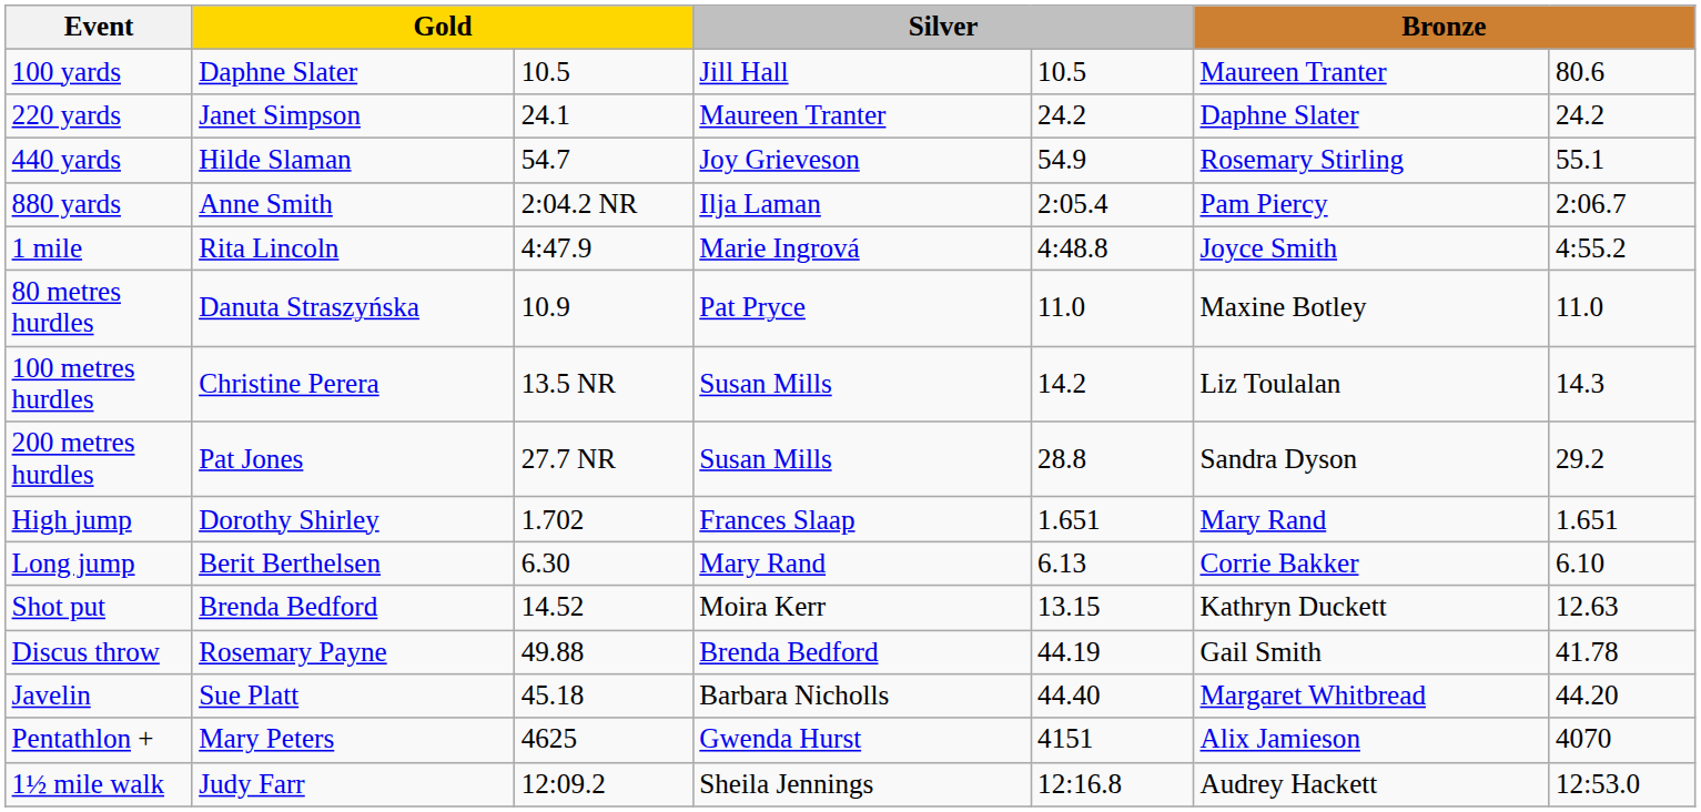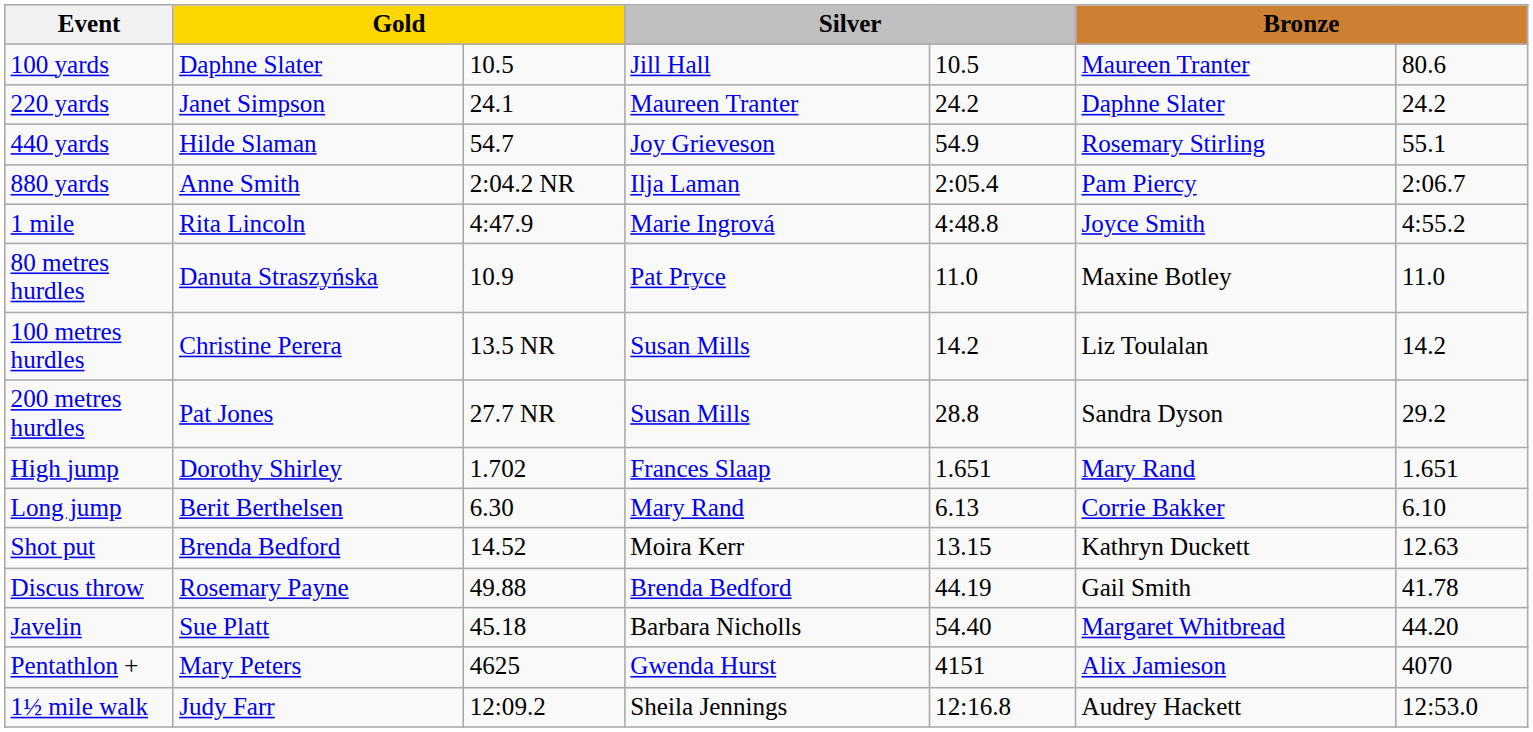 <table class="wikitable" style="text-align:left">
 <tr>
 <th width=100>Event</th>
 <th colspan="2" width="280" style="background:gold;">Gold</th>
 <th colspan="2" width="280" style="background:silver;">Silver</th>
 <th colspan="2" width="280" style="background:#CD7F32;">Bronze</th>
 </tr>
 <tr>
 <td><a href='#'>100 yards</a></td>
 <td><a href='#'>Daphne Slater</a></td>
 <td>10.5</td>
 <td><a href='#'>Jill Hall</a></td>
 <td>10.5</td>
 <td><a href='#'>Maureen Tranter</a></td>
 <td>80.6</td>
 </tr>
 <tr>
 <td><a href='#'>220 yards</a></td>
 <td><a href='#'>Janet Simpson</a></td>
 <td>24.1</td>
 <td><a href='#'>Maureen Tranter</a></td>
 <td>24.2</td>
 <td><a href='#'>Daphne Slater</a></td>
 <td>24.2</td>
 </tr>
 <tr>
 <td><a href='#'>440 yards</a></td>
 <td> <a href='#'>Hilde Slaman</a></td>
 <td>54.7</td>
 <td><a href='#'>Joy Grieveson</a></td>
 <td>54.9</td>
 <td> <a href='#'>Rosemary Stirling</a></td>
 <td>55.1</td>
 </tr>
 <tr>
 <td><a href='#'>880 yards</a></td>
 <td><a href='#'>Anne Smith</a></td>
 <td>2:04.2 NR</td>
 <td> <a href='#'>Ilja Laman</a></td>
 <td>2:05.4</td>
 <td><a href='#'>Pam Piercy</a></td>
 <td>2:06.7</td>
 </tr>
 <tr>
 <td><a href='#'>1 mile</a></td>
 <td><a href='#'>Rita Lincoln</a></td>
 <td>4:47.9</td>
 <td> <a href='#'>Marie Ingrová</a></td>
 <td>4:48.8</td>
 <td><a href='#'>Joyce Smith</a></td>
 <td>4:55.2</td>
 </tr>
 <tr>
 <td><a href='#'>80 metres hurdles</a></td>
 <td> <a href='#'>Danuta Straszyńska</a></td>
 <td>10.9</td>
 <td><a href='#'>Pat Pryce</a></td>
 <td>11.0</td>
 <td>Maxine Botley</td>
 <td>11.0</td>
 </tr>
 <tr>
 <td><a href='#'>100 metres hurdles</a></td>
 <td><a href='#'>Christine Perera</a></td>
 <td>13.5 NR</td>
 <td><a href='#'>Susan Mills</a></td>
 <td>14.2</td>
 <td>Liz Toulalan</td>
-<td>14.3</td>
+<td>14.2</td>
 </tr>
 <tr>
 <td><a href='#'>200 metres hurdles</a></td>
 <td><a href='#'>Pat Jones</a></td>
 <td>27.7 NR</td>
 <td><a href='#'>Susan Mills</a></td>
 <td>28.8</td>
 <td>Sandra Dyson</td>
 <td>29.2</td>
 </tr>
 <tr>
 <td><a href='#'>High jump</a></td>
 <td><a href='#'>Dorothy Shirley</a></td>
 <td>1.702</td>
 <td><a href='#'>Frances Slaap</a></td>
 <td>1.651</td>
 <td><a href='#'>Mary Rand</a></td>
 <td>1.651</td>
 </tr>
 <tr>
 <td><a href='#'>Long jump</a></td>
 <td> <a href='#'>Berit Berthelsen</a></td>
 <td>6.30</td>
 <td><a href='#'>Mary Rand</a></td>
 <td>6.13</td>
 <td> <a href='#'>Corrie Bakker</a></td>
 <td>6.10</td>
 </tr>
 <tr>
 <td><a href='#'>Shot put</a></td>
 <td><a href='#'>Brenda Bedford</a></td>
 <td>14.52</td>
 <td> Moira Kerr</td>
 <td>13.15</td>
 <td>Kathryn Duckett</td>
 <td>12.63</td>
 </tr>
 <tr>
 <td><a href='#'>Discus throw</a></td>
 <td> <a href='#'>Rosemary Payne</a></td>
 <td>49.88</td>
 <td><a href='#'>Brenda Bedford</a></td>
 <td>44.19</td>
 <td>Gail Smith</td>
 <td>41.78</td>
 </tr>
 <tr>
 <td><a href='#'>Javelin</a></td>
 <td><a href='#'>Sue Platt</a></td>
 <td>45.18</td>
 <td>Barbara Nicholls</td>
-<td>44.40</td>
+<td>54.40</td>
 <td><a href='#'>Margaret Whitbread</a></td>
 <td>44.20</td>
 </tr>
 <tr>
 <td><a href='#'>Pentathlon</a> +</td>
 <td> <a href='#'>Mary Peters</a></td>
 <td>4625</td>
 <td><a href='#'>Gwenda Hurst</a></td>
 <td>4151</td>
 <td> <a href='#'>Alix Jamieson</a></td>
 <td>4070</td>
 </tr>
 <tr>
 <td><a href='#'>1½ mile walk</a></td>
 <td><a href='#'>Judy Farr</a></td>
 <td>12:09.2</td>
 <td>Sheila Jennings</td>
 <td>12:16.8</td>
 <td>Audrey Hackett</td>
 <td>12:53.0</td>
 </tr>
 </table>
